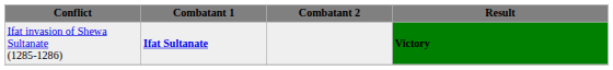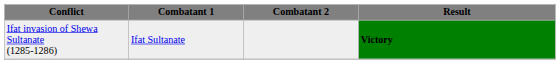 <table class="wikitable">
 <tr>
 <th style="background:grey" width="190"><span>Conflict</span></th>
 <th style="background:grey" width="175"><span>Combatant 1</span></th>
 <th style="background:grey" width="175"><span>Combatant 2</span></th>
 <th style="background:grey" width="305"><span>Result</span></th>
 </tr>
 <tr>
 <td style="background:#efefef"><a href='#'>Ifat invasion of Shewa Sultanate</a><br>(1285-1286)</td>
-<td style="background:#efefef"><strong> <a href='#'>Ifat Sultanate</a><br></strong></td>
+<td style="background:#efefef"> <a href='#'>Ifat Sultanate</a><br></td>
 <td style="background:#efefef"><br></td>
 <td style="background:Green"><strong>Victory</strong></td>
 </tr>
 <tr>
 </tr>
 </table>
